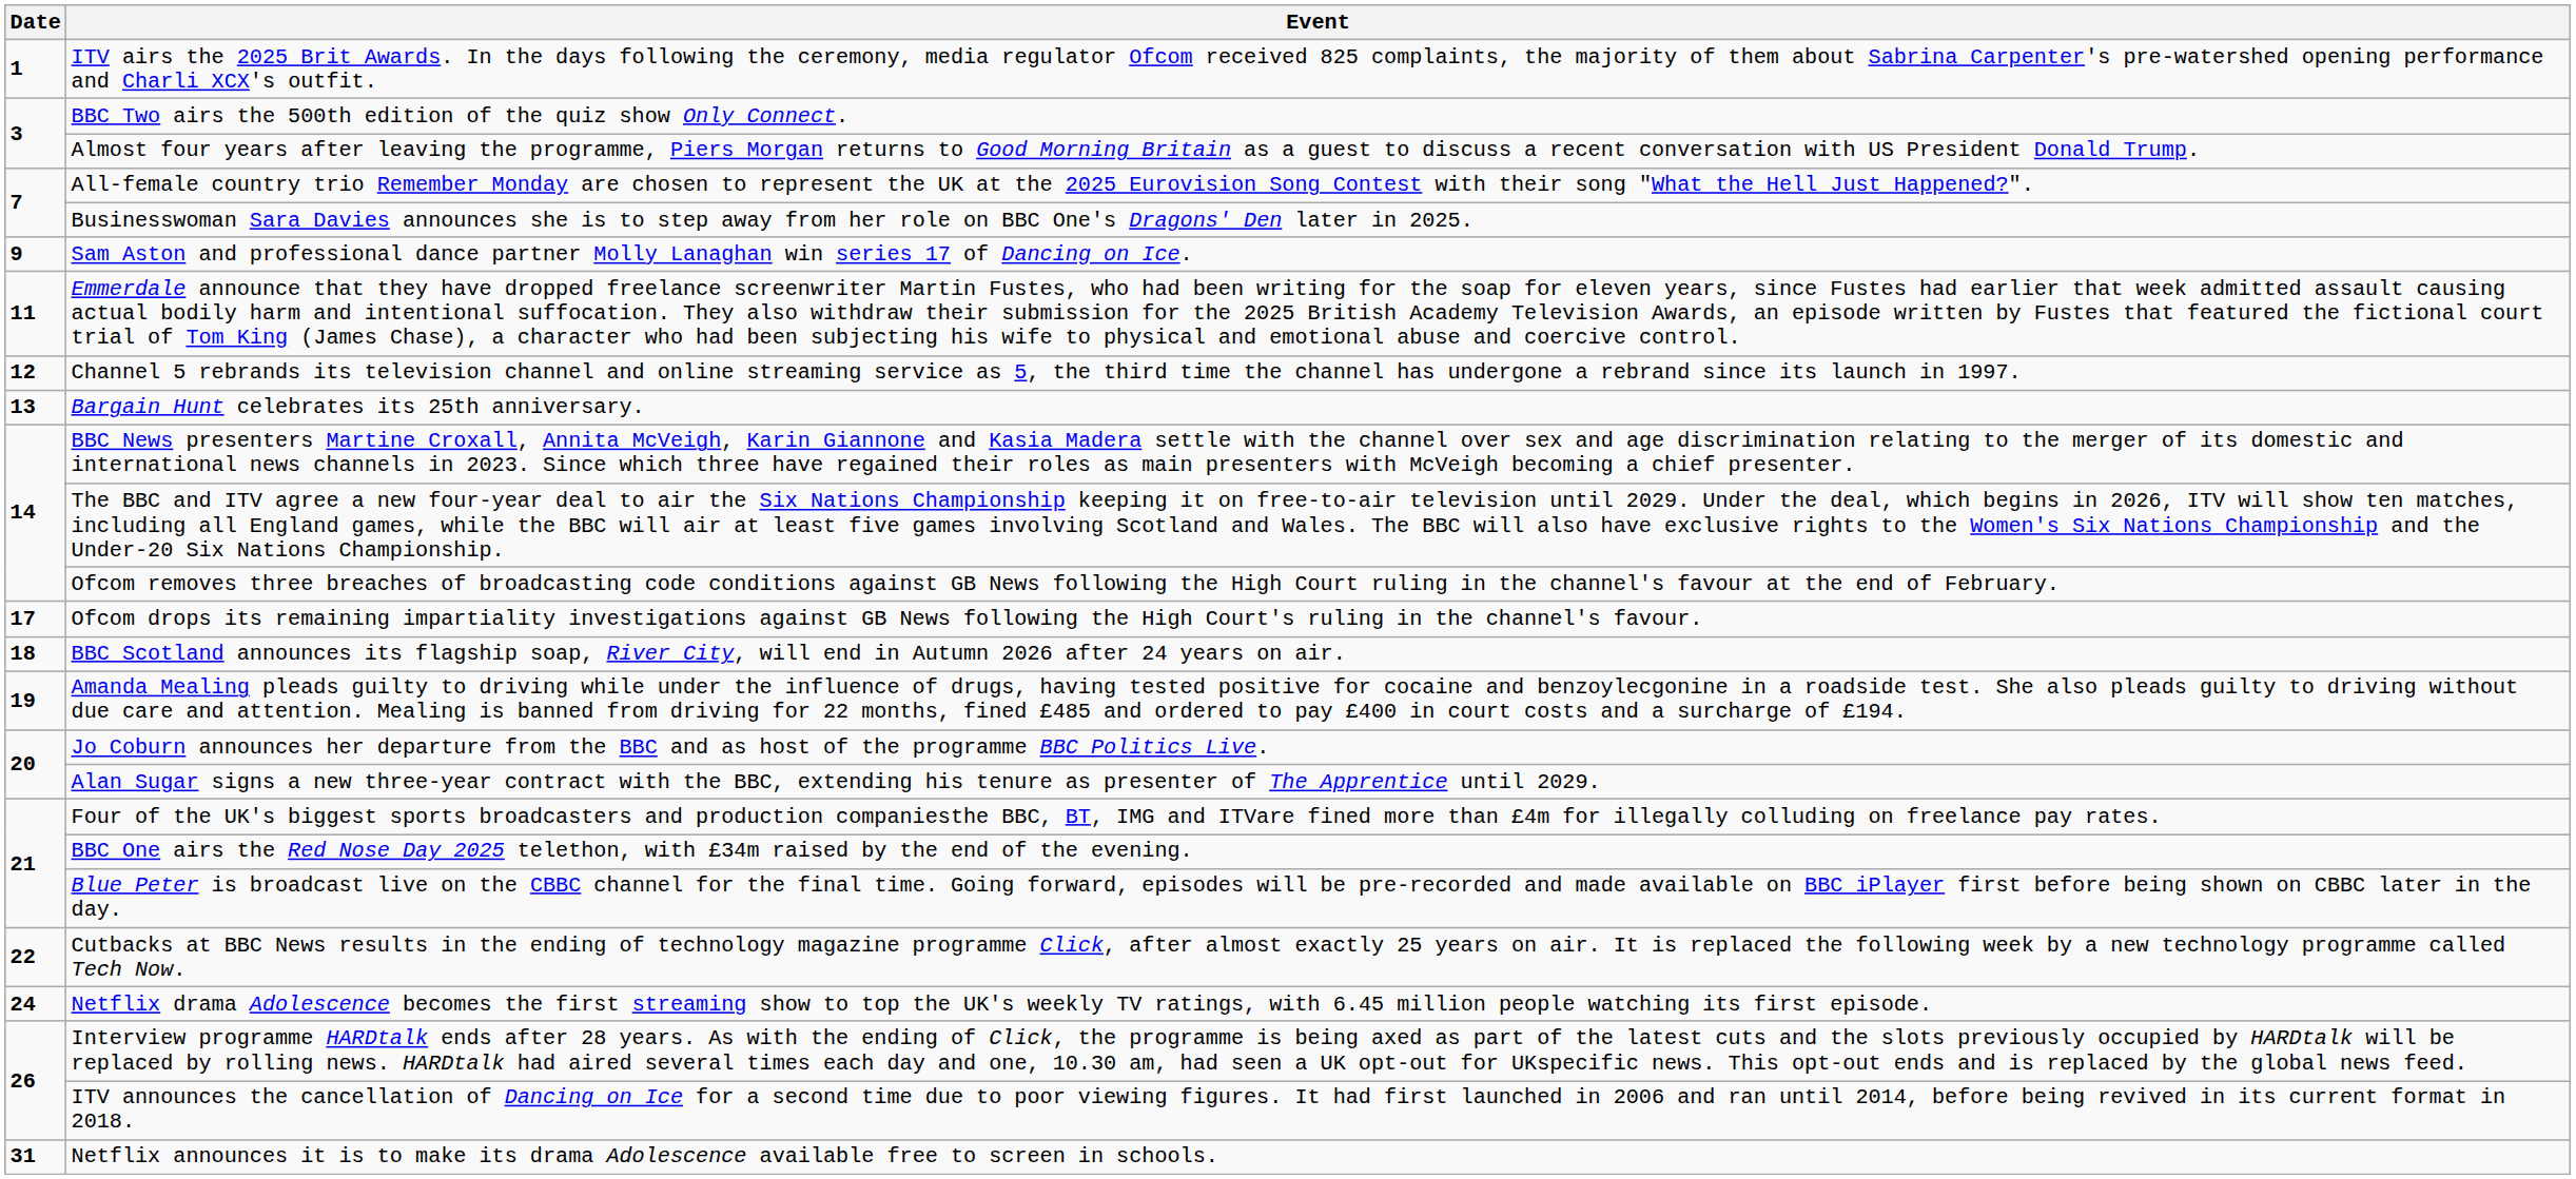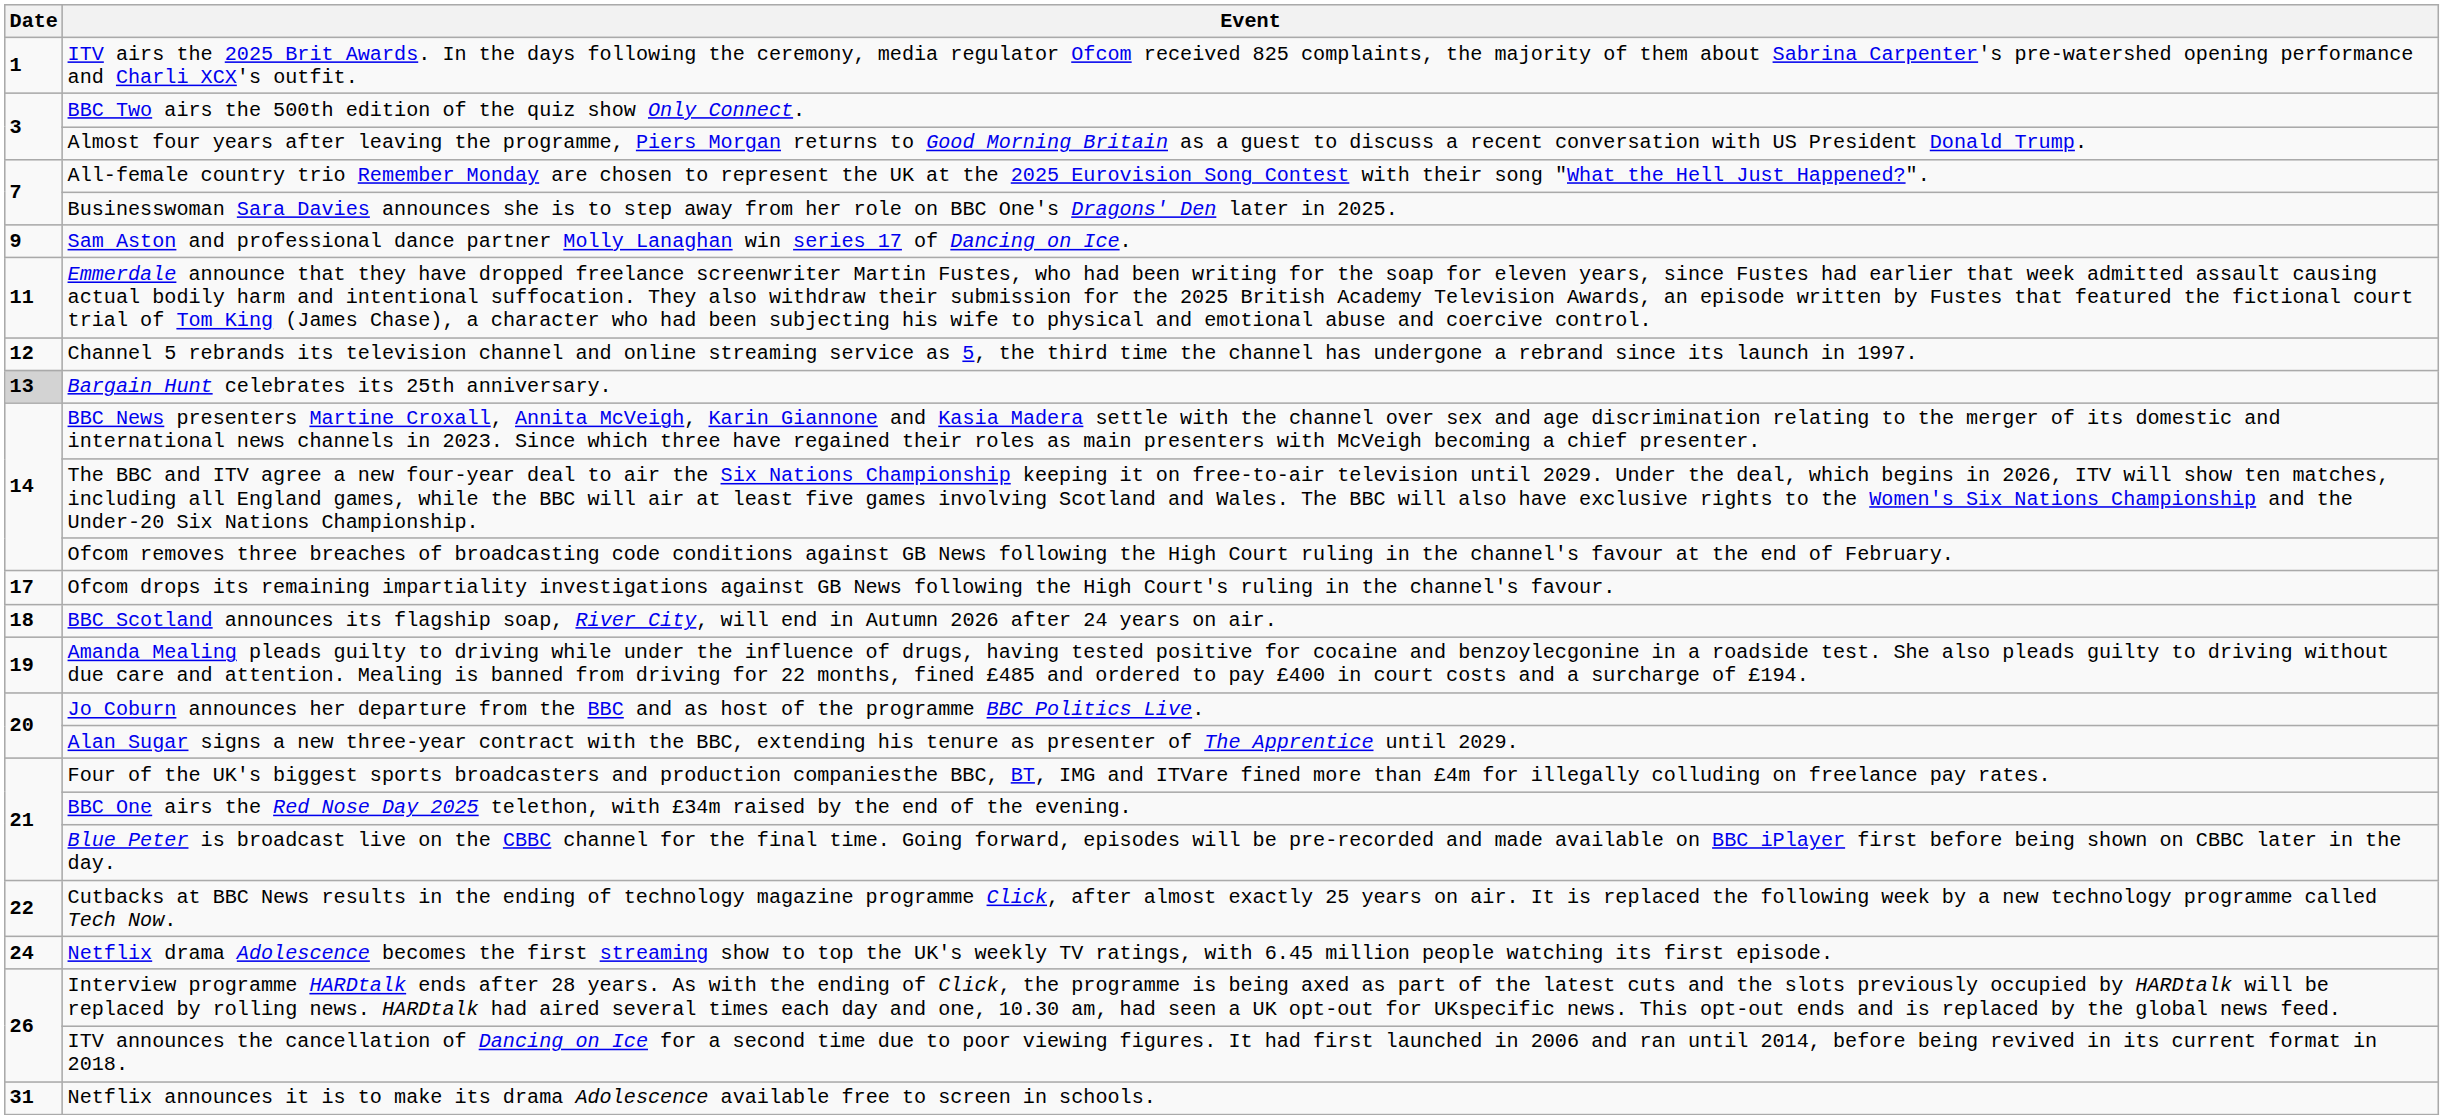 <table class="wikitable sticky-header">
 <tr>
 <th>Date</th>
 <th>Event</th>
 </tr>
 <tr>
 <td><strong>1</strong></td>
 <td><a href='#'>ITV</a> airs the <a href='#'>2025 Brit Awards</a>. In the days following the ceremony, media regulator <a href='#'>Ofcom</a> received 825 complaints, the majority of them about <a href='#'>Sabrina Carpenter</a>'s pre-watershed opening performance and <a href='#'>Charli XCX</a>'s outfit.</td>
 </tr>
 <tr>
 <td rowspan=2><strong>3</strong></td>
 <td><a href='#'>BBC Two</a> airs the 500th edition of the quiz show <em><a href='#'>Only Connect</a></em>.</td>
 </tr>
 <tr>
 <td>Almost four years after leaving the programme, <a href='#'>Piers Morgan</a> returns to <em><a href='#'>Good Morning Britain</a></em> as a guest to discuss a recent conversation with US President <a href='#'>Donald Trump</a>.</td>
 </tr>
 <tr>
 <td rowspan=2><strong>7</strong></td>
 <td>All-female country trio <a href='#'>Remember Monday</a> are chosen to represent the UK at the <a href='#'>2025 Eurovision Song Contest</a> with their song "<a href='#'>What the Hell Just Happened?</a>".</td>
 </tr>
 <tr>
 <td>Businesswoman <a href='#'>Sara Davies</a> announces she is to step away from her role on BBC One's <em><a href='#'>Dragons' Den</a></em> later in 2025.</td>
 </tr>
 <tr>
 <td><strong>9</strong></td>
 <td><a href='#'>Sam Aston</a> and professional dance partner <a href='#'>Molly Lanaghan</a> win <a href='#'>series 17</a> of <em><a href='#'>Dancing on Ice</a></em>.</td>
 </tr>
 <tr>
 <td><strong>11</strong></td>
 <td><em><a href='#'>Emmerdale</a></em> announce that they have dropped freelance screenwriter Martin Fustes, who had been writing for the soap for eleven years, since Fustes had earlier that week admitted assault causing actual bodily harm and intentional suffocation. They also withdraw their submission for the 2025 British Academy Television Awards, an episode written by Fustes that featured the fictional court trial of <a href='#'>Tom King</a> (James Chase), a character who had been subjecting his wife to physical and emotional abuse and coercive control.</td>
 </tr>
 <tr>
 <td><strong>12</strong></td>
 <td>Channel 5 rebrands its television channel and online streaming service as <a href='#'>5</a>, the third time the channel has undergone a rebrand since its launch in 1997.</td>
 </tr>
 <tr>
-<td><strong>13</strong></td>
+<td style="background: lightgrey;"><strong>13</strong></td>
 <td><em><a href='#'>Bargain Hunt</a></em> celebrates its 25th anniversary.</td>
 </tr>
 <tr>
 <td rowspan=3><strong>14</strong></td>
 <td><a href='#'>BBC News</a> presenters <a href='#'>Martine Croxall</a>, <a href='#'>Annita McVeigh</a>, <a href='#'>Karin Giannone</a> and <a href='#'>Kasia Madera</a> settle with the channel over sex and age discrimination relating to the merger of its domestic and international news channels in 2023. Since which three have regained their roles as main presenters with McVeigh becoming a chief presenter.</td>
 </tr>
 <tr>
 <td>The BBC and ITV agree a new four-year deal to air the <a href='#'>Six Nations Championship</a> keeping it on free-to-air television until 2029. Under the deal, which begins in 2026, ITV will show ten matches, including all England games, while the BBC will air at least five games involving Scotland and Wales. The BBC will also have exclusive rights to the <a href='#'>Women's Six Nations Championship</a> and the Under-20 Six Nations Championship.</td>
 </tr>
 <tr>
 <td>Ofcom removes three breaches of broadcasting code conditions against GB News following the High Court ruling in the channel's favour at the end of February.</td>
 </tr>
 <tr>
 <td><strong>17</strong></td>
 <td>Ofcom drops its remaining impartiality investigations against GB News following the High Court's ruling in the channel's favour.</td>
 </tr>
 <tr>
 <td><strong>18</strong></td>
 <td><a href='#'>BBC Scotland</a> announces its flagship soap, <em><a href='#'>River City</a></em>, will end in Autumn 2026 after 24 years on air.</td>
 </tr>
 <tr>
 <td><strong>19</strong></td>
 <td><a href='#'>Amanda Mealing</a> pleads guilty to driving while under the influence of drugs, having tested positive for cocaine and benzoylecgonine in a roadside test. She also pleads guilty to driving without due care and attention. Mealing is banned from driving for 22 months, fined £485 and ordered to pay £400 in court costs and a surcharge of £194.</td>
 </tr>
 <tr>
 <td rowspan=2><strong>20</strong></td>
 <td><a href='#'>Jo Coburn</a> announces her departure from the <a href='#'>BBC</a> and as host of the programme <em><a href='#'>BBC Politics Live</a></em>.</td>
 </tr>
 <tr>
 <td><a href='#'>Alan Sugar</a> signs a new three-year contract with the BBC, extending his tenure as presenter of <em><a href='#'>The Apprentice</a></em> until 2029.</td>
 </tr>
 <tr>
 <td rowspan="3"><strong>21</strong></td>
 <td>Four of the UK's biggest sports broadcasters and production companiesthe BBC, <a href='#'>BT</a>, IMG and ITVare fined more than £4m for illegally colluding on freelance pay rates.</td>
 </tr>
 <tr>
 <td><a href='#'>BBC One</a> airs the <em><a href='#'>Red Nose Day 2025</a></em> telethon, with £34m raised by the end of the evening.</td>
 </tr>
 <tr>
 <td><em><a href='#'>Blue Peter</a></em> is broadcast live on the <a href='#'>CBBC</a> channel for the final time. Going forward, episodes will be pre-recorded and made available on <a href='#'>BBC iPlayer</a> first before being shown on CBBC later in the day.</td>
 </tr>
 <tr>
 <td><strong>22</strong></td>
 <td>Cutbacks at BBC News results in the ending of technology magazine programme <em><a href='#'>Click</a></em>, after almost exactly 25 years on air. It is replaced the following week by a new technology programme called <em>Tech Now</em>.</td>
 </tr>
 <tr>
 <td><strong>24</strong></td>
 <td><a href='#'>Netflix</a> drama <em><a href='#'>Adolescence</a></em> becomes the first <a href='#'>streaming</a> show to top the UK's weekly TV ratings, with 6.45 million people watching its first episode.</td>
 </tr>
 <tr>
 <td rowspan="2"><strong>26</strong></td>
 <td>Interview programme <em><a href='#'>HARDtalk</a></em> ends after 28 years. As with the ending of <em>Click</em>, the programme is being axed as part of the latest cuts and the slots previously occupied by <em>HARDtalk</em> will be replaced by rolling news. <em>HARDtalk</em> had aired several times each day and one, 10.30 am, had seen a UK opt-out for UKspecific news. This opt-out ends and is replaced by the global news feed.</td>
 </tr>
 <tr>
 <td>ITV announces the cancellation of <em><a href='#'>Dancing on Ice</a></em> for a second time due to poor viewing figures. It had first launched in 2006 and ran until 2014, before being revived in its current format in 2018.</td>
 </tr>
 <tr>
 <td><strong>31</strong></td>
 <td>Netflix announces it is to make its drama <em>Adolescence</em> available free to screen in schools.</td>
 </tr>
 </table>
